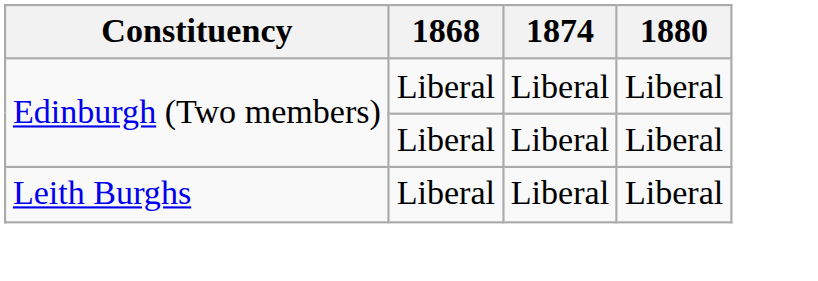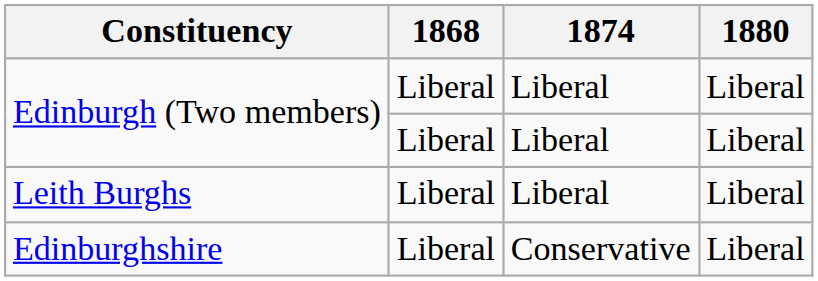 <table class="wikitable">
 <tr>
 <th>Constituency</th>
 <th>1868</th>
 <th>1874</th>
 <th>1880</th>
 </tr>
 <tr>
 <td rowspan="2"><a href='#'>Edinburgh</a> (Two members)</td>
 <td>Liberal</td>
 <td>Liberal</td>
 <td>Liberal</td>
 </tr>
 <tr>
 <td>Liberal</td>
 <td>Liberal</td>
 <td>Liberal</td>
 </tr>
 <tr>
 <td><a href='#'>Leith Burghs</a></td>
 <td>Liberal</td>
 <td>Liberal</td>
 <td>Liberal</td>
 </tr>
+<tr>
+<td><a href='#'>Edinburghshire</a></td>
+<td>Liberal</td>
+<td>Conservative</td>
+<td>Liberal</td>
+</tr>
 </table>
